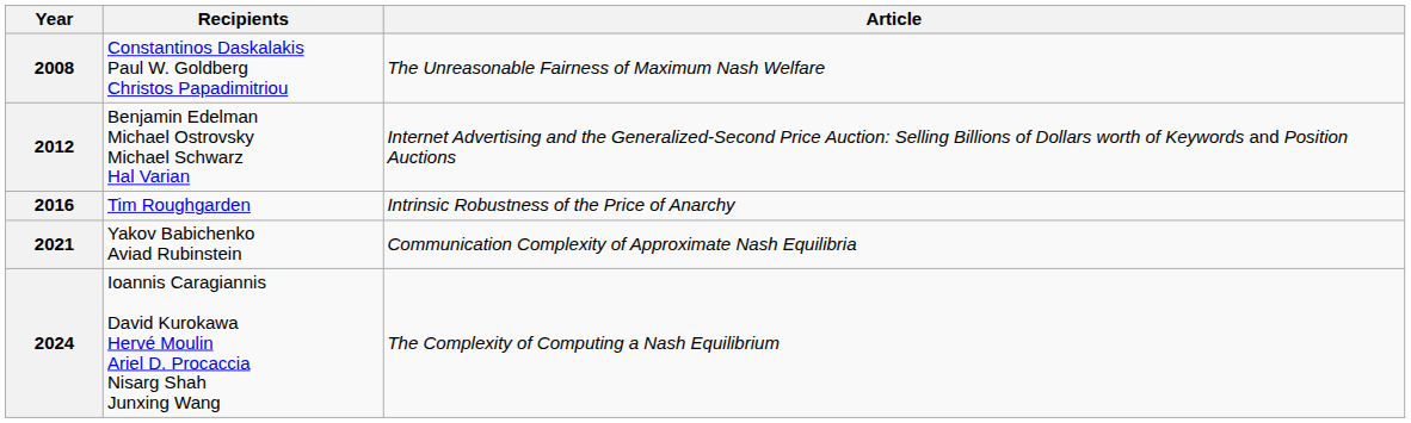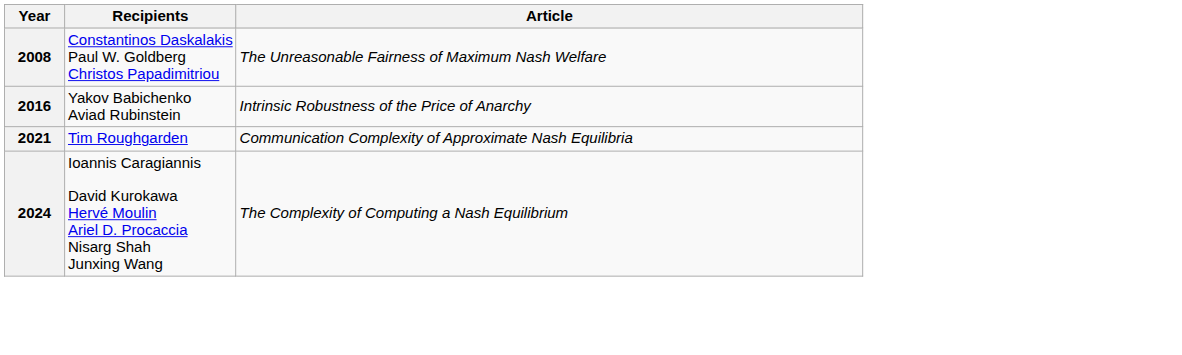 <table class="wikitable">
 <tr bgcolor="#ccccc">
 <th style="width:7%">Year</th>
 <th style="width:20%">Recipients</th>
 <th>Article</th>
 </tr>
 <tr>
 <th>2008</th>
 <td><a href='#'>Constantinos Daskalakis</a><br>Paul W. Goldberg<br><a href='#'>Christos Papadimitriou</a></td>
 <td><em>The Unreasonable Fairness of Maximum Nash Welfare</em></td>
 </tr>
 <tr>
-<th>2012</th>
-<td>Benjamin Edelman<br>Michael Ostrovsky<br>Michael Schwarz<br><a href='#'>Hal Varian</a></td>
-<td><em>Internet Advertising and the Generalized-Second Price Auction: Selling Billions of Dollars worth of Keywords</em> and <em>Position Auctions</em></td>
-</tr>
-<tr>
 <th>2016</th>
-<td><a href='#'>Tim Roughgarden</a></td>
+<td>Yakov Babichenko<br>Aviad Rubinstein</td>
 <td><em>Intrinsic Robustness of the Price of Anarchy</em></td>
 </tr>
 <tr>
 <th>2021</th>
-<td>Yakov Babichenko<br>Aviad Rubinstein</td>
+<td><a href='#'>Tim Roughgarden</a></td>
 <td><em>Communication Complexity of Approximate Nash Equilibria</em></td>
 </tr>
 <tr>
 <th>2024</th>
 <td>Ioannis Caragiannis<br><br>David Kurokawa<br> <a href='#'>Hervé Moulin</a><br> <a href='#'>Ariel D. Procaccia</a><br> Nisarg Shah<br> Junxing Wang</td>
 <td><em>The Complexity of Computing a Nash Equilibrium</em></td>
 </tr>
 </table>
